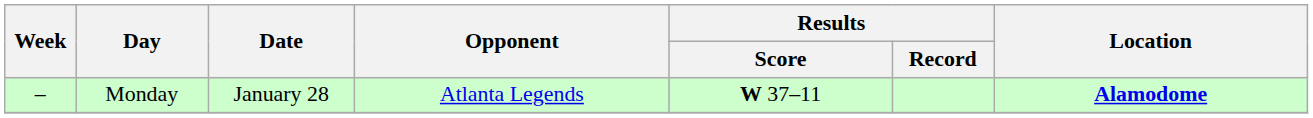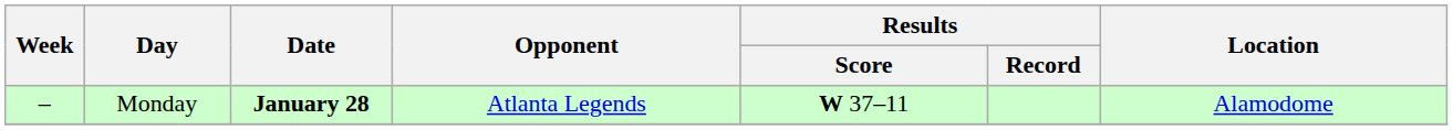 <table class="wikitable" style="text-align:center; font-size:90%">
 <tr>
 <th rowspan="2" width="40">Week</th>
 <th rowspan="2" width="80">Day</th>
 <th rowspan="2" width="90">Date</th>
 <th rowspan="2" width="200">Opponent</th>
 <th colspan="2" width="200">Results</th>
 <th rowspan="2" width="200">Location</th>
 </tr>
 <tr>
 <th width="140">Score</th>
 <th width="60">Record</th>
 </tr>
 <tr bgcolor="#CCFFCC">
 <td>–</td>
 <td>Monday</td>
-<td>January 28</td>
+<td><strong>January 28</strong></td>
 <td><a href='#'>Atlanta Legends</a></td>
 <td><strong>W</strong> 37–11</td>
 <td></td>
-<td><strong><a href='#'>Alamodome</a></strong></td>
+<td><a href='#'>Alamodome</a></td>
 </tr>
 <tr>
 </tr>
 </table>
